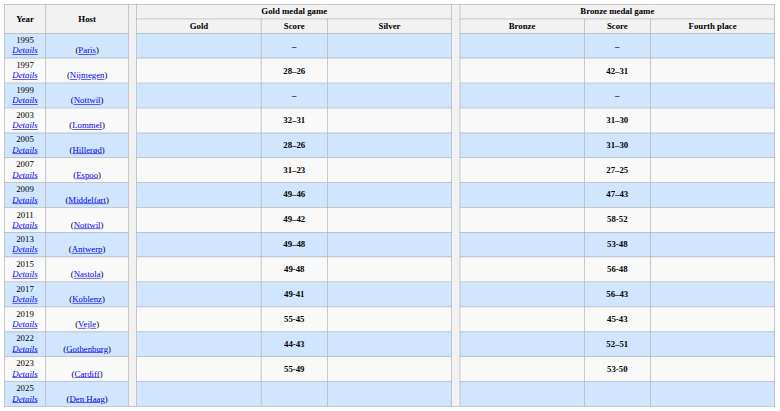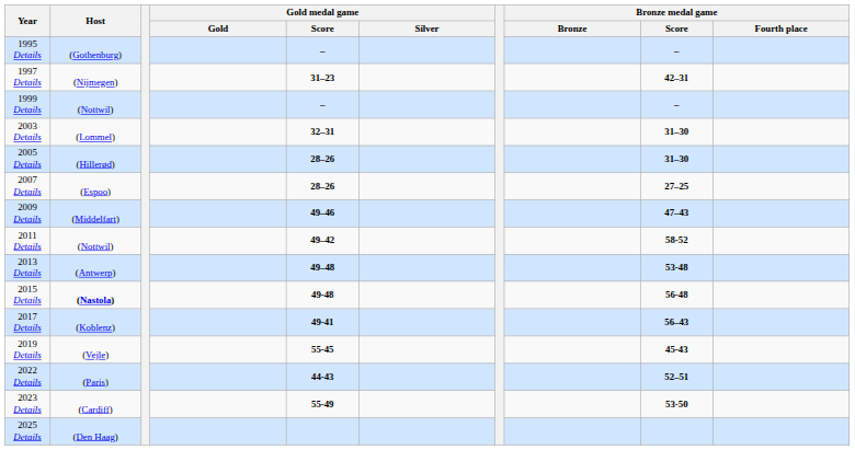 <table class=wikitable style="text-align:center; font-size:90%; width:100%">
 <tr>
 <th rowspan=2 width=5%>Year</th>
 <th rowspan=2 width=10%>Host</th>
 <th width=1% rowspan=17></th>
 <th colspan=3>Gold medal game</th>
 <th width=1% rowspan=17></th>
 <th colspan=3>Bronze medal game</th>
 </tr>
 <tr>
 <th width=15%>Gold</th>
 <th width=8%>Score</th>
 <th width=15%>Silver</th>
 <th width=15%>Bronze</th>
 <th width=8%>Score</th>
 <th width=15%>Fourth place</th>
 </tr>
 <tr style="background:#D0E6FF;">
 <td>1995 <br> <em><a href='#'>Details</a></em></td>
-<td><br> (<a href='#'>Paris</a>)</td>
+<td><br> (<a href='#'>Gothenburg</a>)</td>
 <td><strong></strong></td>
 <td><strong>–</strong></td>
 <td></td>
 <td></td>
 <td><strong>–</strong></td>
 <td></td>
 </tr>
 <tr>
 <td>1997 <br> <em><a href='#'>Details</a></em></td>
 <td><br> (<a href='#'>Nijmegen</a>)</td>
 <td><strong></strong></td>
-<td><strong>28–26</strong></td>
+<td><strong>31–23</strong></td>
 <td></td>
 <td></td>
 <td><strong>42–31</strong></td>
 <td></td>
 </tr>
 <tr style="background:#D0E6FF;">
 <td>1999 <br> <em><a href='#'>Details</a></em></td>
 <td><br> (<a href='#'>Nottwil</a>)</td>
 <td><strong></strong></td>
 <td><strong>–</strong></td>
 <td></td>
 <td></td>
 <td><strong>–</strong></td>
 <td></td>
 </tr>
 <tr>
 <td>2003 <br> <em><a href='#'>Details</a></em></td>
 <td><br> (<a href='#'>Lommel</a>)</td>
 <td><strong></strong></td>
 <td><strong>32–31</strong></td>
 <td></td>
 <td></td>
 <td><strong>31–30</strong></td>
 <td></td>
 </tr>
 <tr style="background:#D0E6FF;">
 <td>2005 <br> <em><a href='#'>Details</a></em></td>
 <td><br> (<a href='#'>Hillerød</a>)</td>
 <td><strong></strong></td>
 <td><strong>28–26</strong></td>
 <td></td>
 <td></td>
 <td><strong>31–30</strong></td>
 <td></td>
 </tr>
 <tr>
 <td>2007 <br> <em><a href='#'>Details</a></em></td>
 <td><br> (<a href='#'>Espoo</a>)</td>
 <td><strong></strong></td>
-<td><strong>31–23</strong></td>
+<td><strong>28–26</strong></td>
 <td></td>
 <td></td>
 <td><strong>27–25</strong></td>
 <td></td>
 </tr>
 <tr style="background:#D0E6FF;">
 <td>2009 <br> <em><a href='#'>Details</a></em></td>
 <td><br> (<a href='#'>Middelfart</a>)</td>
 <td><strong></strong></td>
 <td><strong>49–46</strong></td>
 <td></td>
 <td></td>
 <td><strong>47–43</strong></td>
 <td></td>
 </tr>
 <tr>
 <td>2011 <br> <em><a href='#'>Details</a></em></td>
 <td><br> (<a href='#'>Nottwil</a>)</td>
 <td><strong></strong></td>
 <td><strong>49–42</strong></td>
 <td></td>
 <td></td>
 <td><strong>58-52</strong></td>
 <td></td>
 </tr>
 <tr style="background:#D0E6FF;">
 <td>2013 <br> <em><a href='#'>Details</a></em></td>
 <td><br> (<a href='#'>Antwerp</a>)</td>
 <td><strong></strong></td>
 <td><strong>49–48</strong></td>
 <td></td>
 <td></td>
 <td><strong>53-48</strong></td>
 <td></td>
 </tr>
 <tr>
 <td>2015 <br> <em><a href='#'>Details</a></em></td>
-<td><br> (<a href='#'>Nastola</a>)</td>
+<td><strong><br> (<a href='#'>Nastola</a>)</strong></td>
 <td><strong></strong></td>
 <td><strong>49-48</strong></td>
 <td></td>
 <td></td>
 <td><strong>56-48</strong></td>
 <td></td>
 </tr>
 <tr style="background:#D0E6FF;">
 <td>2017 <br> <em><a href='#'>Details</a></em></td>
 <td><br> (<a href='#'>Koblenz</a>)</td>
 <td><strong></strong></td>
 <td><strong>49-41</strong></td>
 <td></td>
 <td></td>
 <td><strong>56–43</strong></td>
 <td></td>
 </tr>
 <tr>
 <td>2019 <br> <em><a href='#'>Details</a></em></td>
 <td><br> (<a href='#'>Vejle</a>)</td>
 <td><strong></strong></td>
 <td><strong>55-45</strong></td>
 <td></td>
 <td></td>
 <td><strong>45-43</strong></td>
 <td></td>
 </tr>
 <tr style="background:#D0E6FF;">
 <td>2022 <br> <em><a href='#'>Details</a></em></td>
-<td><br> (<a href='#'>Gothenburg</a>)</td>
+<td><br> (<a href='#'>Paris</a>)</td>
 <td><strong></strong></td>
 <td><strong>44-43</strong></td>
 <td></td>
 <td></td>
 <td><strong>52–51</strong></td>
 <td></td>
 </tr>
 <tr>
 <td>2023 <br> <em><a href='#'>Details</a></em></td>
 <td><br> (<a href='#'>Cardiff</a>)</td>
 <td><strong></strong></td>
 <td><strong>55-49</strong></td>
 <td></td>
 <td></td>
 <td><strong>53-50</strong></td>
 <td></td>
 </tr>
 <tr style="background:#D0E6FF;">
 <td>2025 <br> <em><a href='#'>Details</a></em></td>
 <td><br> (<a href='#'>Den Haag</a>)</td>
 <td></td>
 <td></td>
 <td></td>
 <td></td>
 <td></td>
 <td></td>
 </tr>
 </table>
